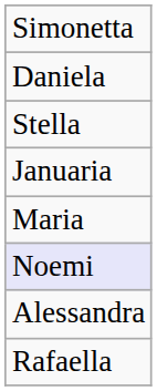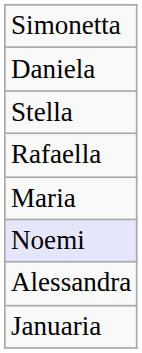 <table class="wikitable plainrowheaders">
 <tr>
 <td>Simonetta</td>
 </tr>
 <tr>
 <td>Daniela</td>
 </tr>
 <tr>
 <td>Stella</td>
 </tr>
 <tr>
-<td>Januaria</td>
+<td>Rafaella</td>
 </tr>
 <tr>
 <td>Maria</td>
 </tr>
 <tr>
 <td style="background: lavender;">Noemi</td>
 </tr>
 <tr>
 <td>Alessandra</td>
 </tr>
 <tr>
-<td>Rafaella</td>
+<td>Januaria</td>
 </tr>
 </table>
